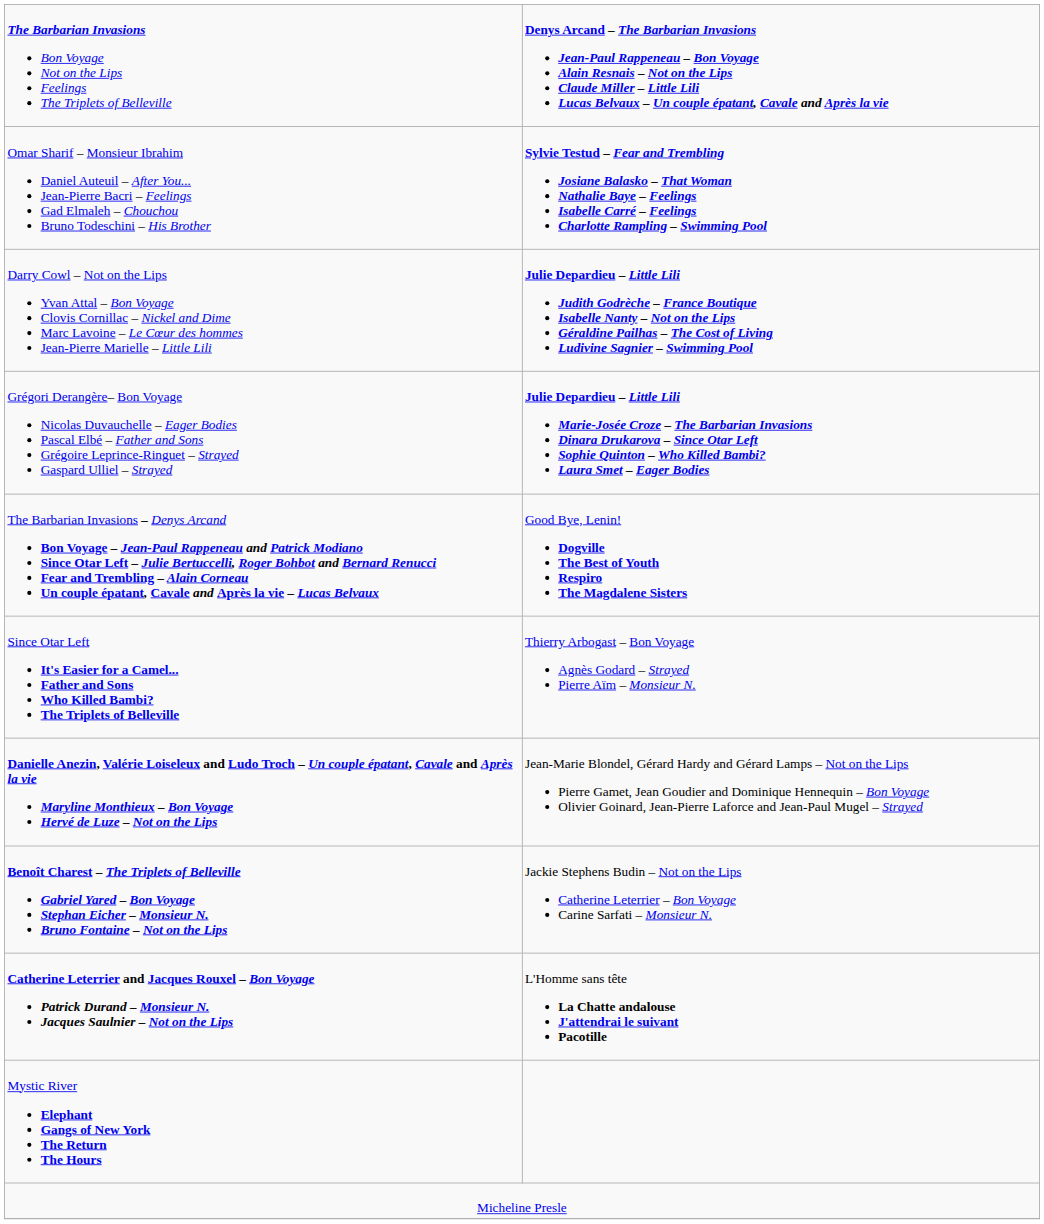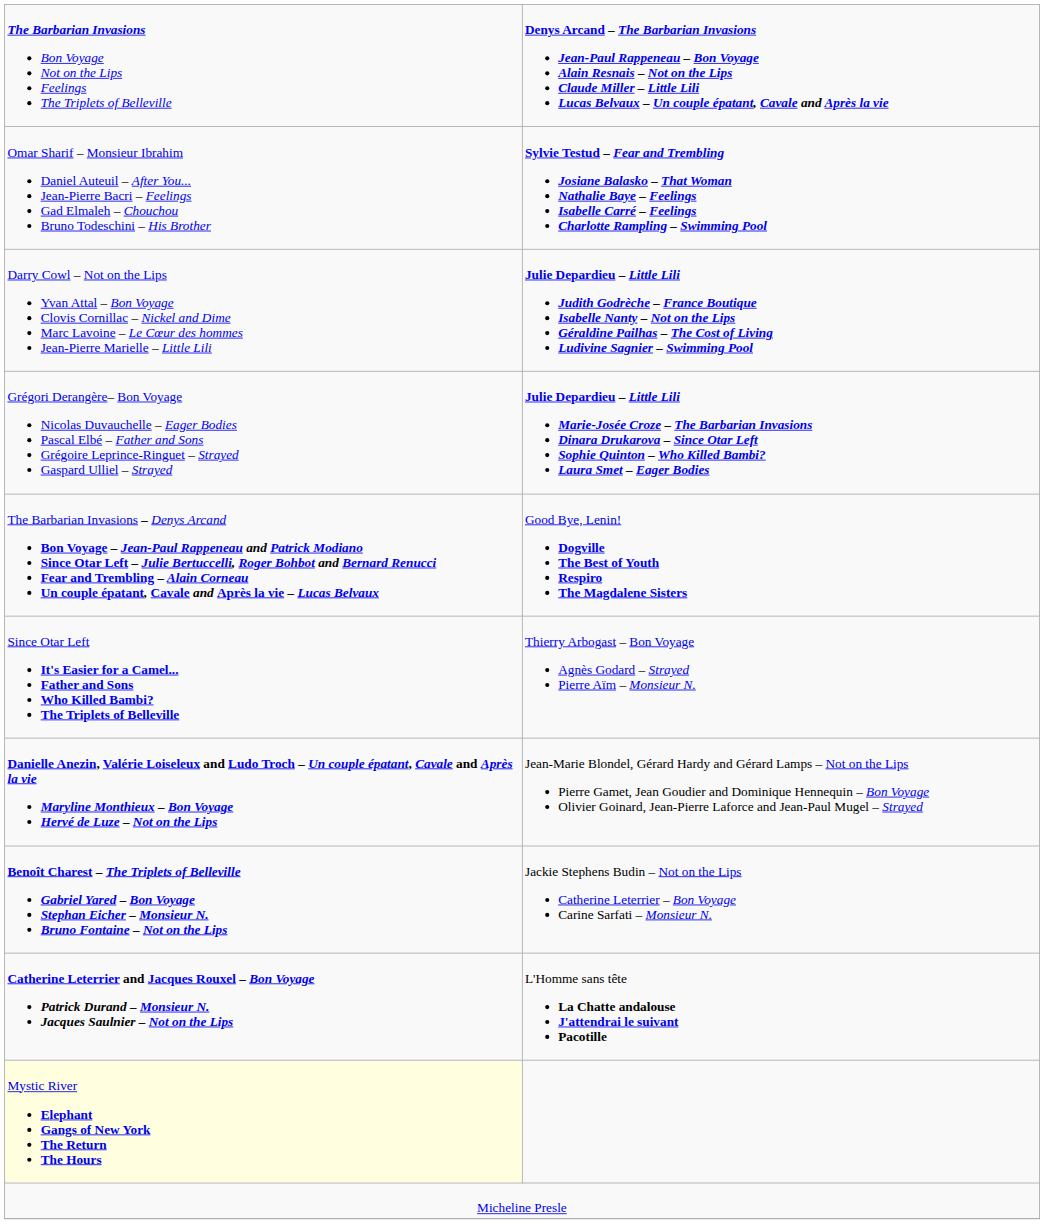 <table class=wikitable style="width=150%">
 <tr>
 <td valign="top" width="50%"><br> <strong><em><a href='#'>The Barbarian Invasions</a></em></strong><ul><li><em><a href='#'>Bon Voyage</a></em></li><li><em><a href='#'>Not on the Lips</a></em></li><li><em><a href='#'>Feelings</a></em></li><li><em><a href='#'>The Triplets of Belleville</a></em></li></ul></td>
 <td valign="top" width="50%"><br> <strong><a href='#'>Denys Arcand</a> – <em><a href='#'>The Barbarian Invasions</a><strong><em><ul><li><a href='#'>Jean-Paul Rappeneau</a> – </em><a href='#'>Bon Voyage</a><em></li><li><a href='#'>Alain Resnais</a> – </em><a href='#'>Not on the Lips</a><em></li><li><a href='#'>Claude Miller</a> – </em><a href='#'>Little Lili</a><em></li><li><a href='#'>Lucas Belvaux</a> – </em><a href='#'>Un couple épatant</a><em>, </em><a href='#'>Cavale</a><em> and </em><a href='#'>Après la vie</a><em></li></ul></td>
 </tr>
 <tr>
 <td valign="top" width="50%"><br> </strong><a href='#'>Omar Sharif</a> –  </em><a href='#'>Monsieur Ibrahim</a></em></strong><ul><li><a href='#'>Daniel Auteuil</a> – <em><a href='#'>After You...</a></em></li><li><a href='#'>Jean-Pierre Bacri</a> – <em><a href='#'>Feelings</a></em></li><li><a href='#'>Gad Elmaleh</a> – <em><a href='#'>Chouchou</a></em></li><li><a href='#'>Bruno Todeschini</a> – <em><a href='#'>His Brother</a></em></li></ul></td>
 <td valign="top" width="50%"><br> <strong><a href='#'>Sylvie Testud</a> – <em><a href='#'>Fear and Trembling</a><strong><em><ul><li><a href='#'>Josiane Balasko</a> – </em><a href='#'>That Woman</a><em></li><li><a href='#'>Nathalie Baye</a> – </em><a href='#'>Feelings</a><em></li><li><a href='#'>Isabelle Carré</a> – </em><a href='#'>Feelings</a><em></li><li><a href='#'>Charlotte Rampling</a> – </em><a href='#'>Swimming Pool</a><em></li></ul></td>
 </tr>
 <tr>
 <td valign="top" width="50%"><br> </strong><a href='#'>Darry Cowl</a> – </em><a href='#'>Not on the Lips</a></em></strong><ul><li><a href='#'>Yvan Attal</a> – <em><a href='#'>Bon Voyage</a></em></li><li><a href='#'>Clovis Cornillac</a> – <em><a href='#'>Nickel and Dime</a></em></li><li><a href='#'>Marc Lavoine</a> – <em><a href='#'>Le Cœur des hommes</a></em></li><li><a href='#'>Jean-Pierre Marielle</a> – <em><a href='#'>Little Lili</a></em></li></ul></td>
 <td valign="top" width="50%"><br> <strong><a href='#'>Julie Depardieu</a> – <em><a href='#'>Little Lili</a><strong><em><ul><li><a href='#'>Judith Godrèche</a> – </em><a href='#'>France Boutique</a><em></li><li><a href='#'>Isabelle Nanty</a> – </em><a href='#'>Not on the Lips</a><em></li><li><a href='#'>Géraldine Pailhas</a> – </em><a href='#'>The Cost of Living</a><em></li><li><a href='#'>Ludivine Sagnier</a> – </em><a href='#'>Swimming Pool</a><em></li></ul></td>
 </tr>
 <tr>
 <td valign="top" width="50%"><br> </strong><a href='#'>Grégori Derangère</a>– </em><a href='#'>Bon Voyage</a></em></strong><ul><li><a href='#'>Nicolas Duvauchelle</a> – <em><a href='#'>Eager Bodies</a></em></li><li><a href='#'>Pascal Elbé</a> – <em><a href='#'>Father and Sons</a></em></li><li><a href='#'>Grégoire Leprince-Ringuet</a> – <em><a href='#'>Strayed</a></em></li><li><a href='#'>Gaspard Ulliel</a> – <em><a href='#'>Strayed</a></em></li></ul></td>
 <td valign="top" width="50%"><br> <strong><a href='#'>Julie Depardieu</a> – <em><a href='#'>Little Lili</a><strong><em><ul><li><a href='#'>Marie-Josée Croze</a> – </em><a href='#'>The Barbarian Invasions</a><em></li><li><a href='#'>Dinara Drukarova</a> – </em><a href='#'>Since Otar Left</a><em></li><li><a href='#'>Sophie Quinton</a> – </em><a href='#'>Who Killed Bambi?</a><em></li><li><a href='#'>Laura Smet</a> – </em><a href='#'>Eager Bodies</a><em></li></ul></td>
 </tr>
 <tr>
 <td valign="top" width="50%"><br> </em></strong><a href='#'>The Barbarian Invasions</a><strong><em> – </strong><a href='#'>Denys Arcand</a><strong><ul><li></em><a href='#'>Bon Voyage</a><em> – <a href='#'>Jean-Paul Rappeneau</a> and <a href='#'>Patrick Modiano</a></li><li></em><a href='#'>Since Otar Left</a><em> – <a href='#'>Julie Bertuccelli</a>, <a href='#'>Roger Bohbot</a> and <a href='#'>Bernard Renucci</a></li><li></em><a href='#'>Fear and Trembling</a><em> – <a href='#'>Alain Corneau</a></li><li></em><a href='#'>Un couple épatant</a><em>, </em><a href='#'>Cavale</a><em> and </em><a href='#'>Après la vie</a><em> – <a href='#'>Lucas Belvaux</a></li></ul></td>
 <td valign="top" width="50%"><br> </em></strong><a href='#'>Good Bye, Lenin!</a><strong><em><ul><li></em><a href='#'>Dogville</a><em></li><li></em><a href='#'>The Best of Youth</a><em></li><li></em><a href='#'>Respiro</a><em></li><li></em><a href='#'>The Magdalene Sisters</a><em></li></ul></td>
 </tr>
 <tr>
 <td valign="top" width="50%"><br> </em></strong><a href='#'>Since Otar Left</a><strong><em><ul><li></em><a href='#'>It's Easier for a Camel...</a><em></li><li></em><a href='#'>Father and Sons</a><em></li><li></em><a href='#'>Who Killed Bambi?</a><em></li><li></em><a href='#'>The Triplets of Belleville</a><em></li></ul></td>
 <td valign="top" width="50%"><br> </strong><a href='#'>Thierry Arbogast</a> – </em><a href='#'>Bon Voyage</a></em></strong><ul><li><a href='#'>Agnès Godard</a> – <em><a href='#'>Strayed</a></em></li><li><a href='#'>Pierre Aïm</a> – <em><a href='#'>Monsieur N.</a></em></li></ul></td>
 </tr>
 <tr>
 <td valign="top" width="50%"><br> <strong><a href='#'>Danielle Anezin</a>, <a href='#'>Valérie Loiseleux</a> and <a href='#'>Ludo Troch</a> – <em><a href='#'>Un couple épatant</a></em>, <em><a href='#'>Cavale</a></em> and <em><a href='#'>Après la vie</a><strong><em><ul><li><a href='#'>Maryline Monthieux</a> – </em><a href='#'>Bon Voyage</a><em></li><li><a href='#'>Hervé de Luze</a> – </em><a href='#'>Not on the Lips</a><em></li></ul></td>
 <td valign="top" width="50%"><br> </strong>Jean-Marie Blondel, Gérard Hardy and Gérard Lamps – </em><a href='#'>Not on the Lips</a></em></strong><ul><li>Pierre Gamet, Jean Goudier and Dominique Hennequin – <em><a href='#'>Bon Voyage</a></em></li><li>Olivier Goinard, Jean-Pierre Laforce and Jean-Paul Mugel – <em><a href='#'>Strayed</a></em></li></ul></td>
 </tr>
 <tr>
 <td valign="top" width="50%"><br> <strong><a href='#'>Benoît Charest</a> – <em><a href='#'>The Triplets of Belleville</a><strong><em><ul><li><a href='#'>Gabriel Yared</a> – </em><a href='#'>Bon Voyage</a><em></li><li><a href='#'>Stephan Eicher</a> – </em><a href='#'>Monsieur N.</a><em></li><li><a href='#'>Bruno Fontaine</a> – </em><a href='#'>Not on the Lips</a><em></li></ul></td>
 <td valign="top" width="50%"><br> </strong>Jackie Stephens Budin – </em><a href='#'>Not on the Lips</a></em></strong><ul><li><a href='#'>Catherine Leterrier</a> – <em><a href='#'>Bon Voyage</a></em></li><li>Carine Sarfati – <em><a href='#'>Monsieur N.</a></em></li></ul></td>
 </tr>
 <tr>
 <td valign="top" width="50%"><br> <strong><a href='#'>Catherine Leterrier</a> and <a href='#'>Jacques Rouxel</a> – <em><a href='#'>Bon Voyage</a><strong><em><ul><li>Patrick Durand – </em><a href='#'>Monsieur N.</a><em></li><li>Jacques Saulnier – </em><a href='#'>Not on the Lips</a><em></li></ul></td>
 <td valign="top" width="50%"><br> </em></strong>L'Homme sans tête<strong><em><ul><li></em>La Chatte andalouse<em></li><li></em><a href='#'>J'attendrai le suivant</a><em></li><li></em>Pacotille<em></li></ul></td>
 </tr>
 <tr>
-<td valign="top" width="50%"><br> </em></strong><a href='#'>Mystic River</a><strong><em><ul><li></em><a href='#'>Elephant</a><em></li><li></em><a href='#'>Gangs of New York</a><em></li><li></em><a href='#'>The Return</a><em></li><li></em><a href='#'>The Hours</a><em></li></ul></td>
+<td valign="top" width="50%" style="background: lightyellow;"><br> </em></strong><a href='#'>Mystic River</a><strong><em><ul><li></em><a href='#'>Elephant</a><em></li><li></em><a href='#'>Gangs of New York</a><em></li><li></em><a href='#'>The Return</a><em></li><li></em><a href='#'>The Hours</a><em></li></ul></td>
 </tr>
 <tr>
 <td align="center" colspan="2" valign="top" width="50%"><br> </strong><a href='#'>Micheline Presle</a><strong></td>
 </tr>
 <tr>
 </tr>
 </table>
